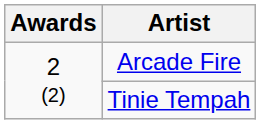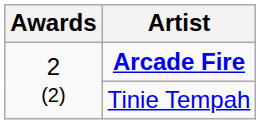 <table class="wikitable" rowspan="2" style="text-align:center;">
 <tr>
 <th scope="col" style="width:55px;">Awards</th>
 <th scope="col" style="text-align:center;">Artist</th>
 </tr>
 <tr>
 <td rowspan="2">2<br><small>(2)</small></td>
-<td><a href='#'>Arcade Fire</a></td>
+<td><strong><a href='#'>Arcade Fire</a></strong></td>
 </tr>
 <tr>
 <td><a href='#'>Tinie Tempah</a></td>
 </tr>
 </table>
